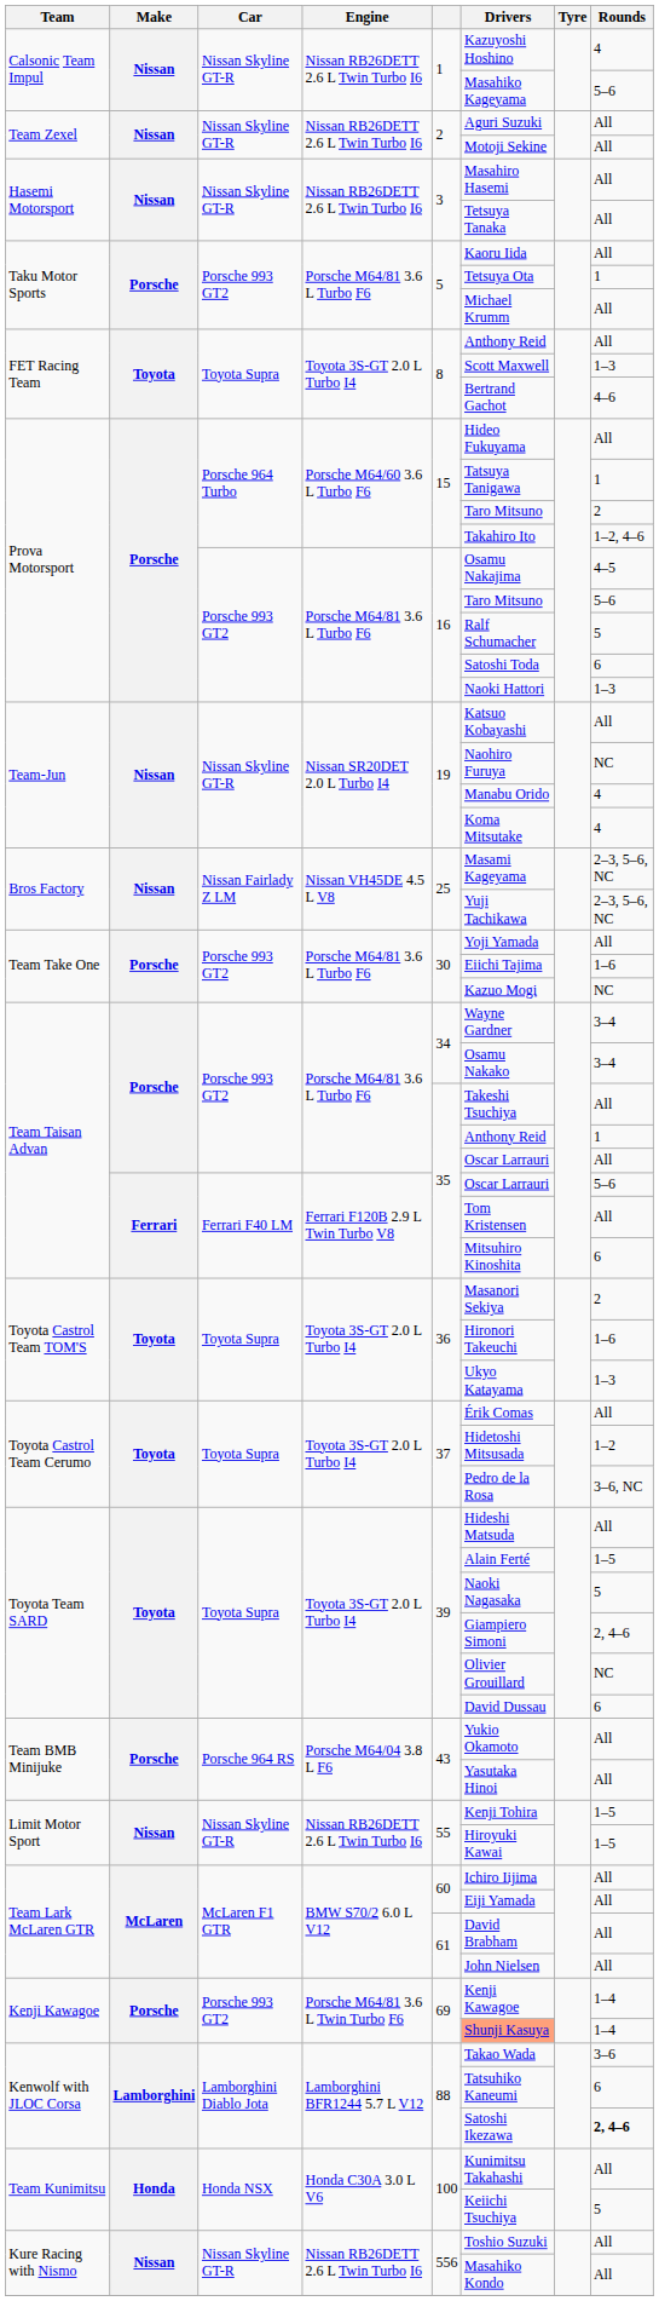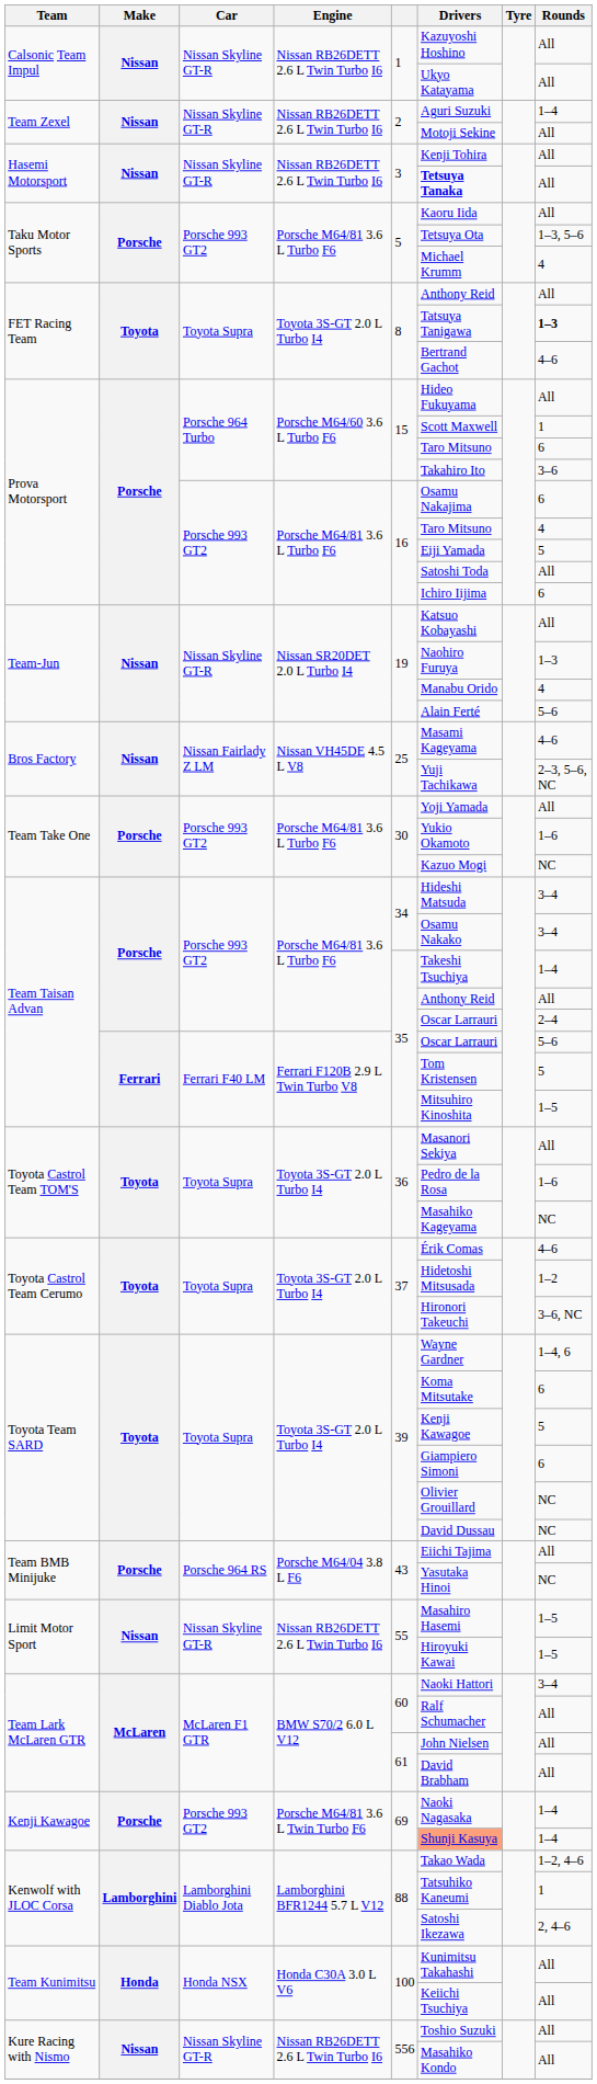 <table class="wikitable" style="font-size: 85%;">
 <tr>
 <th>Team</th>
 <th>Make</th>
 <th>Car</th>
 <th>Engine</th>
 <th></th>
 <th>Drivers</th>
 <th>Tyre</th>
 <th>Rounds</th>
 </tr>
 <tr>
 <td rowspan=2><a href='#'>Calsonic</a> <a href='#'>Team Impul</a></td>
 <th rowspan=2><a href='#'>Nissan</a></th>
 <td rowspan=2><a href='#'>Nissan Skyline GT-R</a></td>
 <td rowspan=2><a href='#'>Nissan RB26DETT</a> 2.6 L <a href='#'>Twin Turbo</a> <a href='#'>I6</a></td>
 <td rowspan=2>1</td>
 <td> <a href='#'>Kazuyoshi Hoshino</a></td>
 <td rowspan=2 align="center"></td>
-<td>4</td>
+<td>All</td>
 </tr>
 <tr>
-<td> <a href='#'>Masahiko Kageyama</a></td>
-<td>5–6</td>
+<td> <a href='#'>Ukyo Katayama</a></td>
+<td>All</td>
 </tr>
 <tr>
 <td rowspan=2><a href='#'>Team Zexel</a></td>
 <th rowspan=2><a href='#'>Nissan</a></th>
 <td rowspan=2><a href='#'>Nissan Skyline GT-R</a></td>
 <td rowspan=2><a href='#'>Nissan RB26DETT</a> 2.6 L <a href='#'>Twin Turbo</a> <a href='#'>I6</a></td>
 <td rowspan=2>2</td>
 <td> <a href='#'>Aguri Suzuki</a></td>
 <td rowspan=2 align="center"></td>
-<td>All</td>
+<td>1–4</td>
 </tr>
 <tr>
 <td> <a href='#'>Motoji Sekine</a></td>
 <td>All</td>
 </tr>
 <tr>
 <td rowspan=2><a href='#'>Hasemi Motorsport</a></td>
 <th rowspan=2><a href='#'>Nissan</a></th>
 <td rowspan=2><a href='#'>Nissan Skyline GT-R</a></td>
 <td rowspan=2><a href='#'>Nissan RB26DETT</a> 2.6 L <a href='#'>Twin Turbo</a> <a href='#'>I6</a></td>
 <td rowspan=2>3</td>
-<td> <a href='#'>Masahiro Hasemi</a></td>
+<td> <a href='#'>Kenji Tohira</a></td>
 <td rowspan=2 align="center"></td>
 <td>All</td>
 </tr>
 <tr>
-<td> <a href='#'>Tetsuya Tanaka</a></td>
+<td><strong> <a href='#'>Tetsuya Tanaka</a></strong></td>
 <td>All</td>
 </tr>
 <tr>
 <td rowspan=3>Taku Motor Sports</td>
 <th rowspan=3><a href='#'>Porsche</a></th>
 <td rowspan=3><a href='#'>Porsche 993 GT2</a></td>
 <td rowspan=3><a href='#'>Porsche M64/81</a> 3.6 L <a href='#'>Turbo</a> <a href='#'>F6</a></td>
 <td rowspan=3>5</td>
 <td> <a href='#'>Kaoru Iida</a></td>
 <td rowspan=3 align="center"></td>
 <td>All</td>
 </tr>
 <tr>
 <td> <a href='#'>Tetsuya Ota</a></td>
-<td>1</td>
+<td>1–3, 5–6</td>
 </tr>
 <tr>
 <td> <a href='#'>Michael Krumm</a></td>
-<td>All</td>
+<td>4</td>
 </tr>
 <tr>
 <td rowspan=3>FET Racing Team</td>
 <th rowspan=3><a href='#'>Toyota</a></th>
 <td rowspan=3><a href='#'>Toyota Supra</a></td>
 <td rowspan=3><a href='#'>Toyota 3S-GT</a> 2.0 L <a href='#'>Turbo</a> <a href='#'>I4</a></td>
 <td rowspan=3>8</td>
 <td> <a href='#'>Anthony Reid</a></td>
 <td rowspan=3 align="center"></td>
 <td>All</td>
 </tr>
 <tr>
-<td> <a href='#'>Scott Maxwell</a></td>
-<td>1–3</td>
+<td> <a href='#'>Tatsuya Tanigawa</a></td>
+<td><strong>1–3</strong></td>
 </tr>
 <tr>
 <td> <a href='#'>Bertrand Gachot</a></td>
 <td>4–6</td>
 </tr>
 <tr>
 <td rowspan=9>Prova Motorsport</td>
 <th rowspan=9><a href='#'>Porsche</a></th>
 <td rowspan=4><a href='#'>Porsche 964 Turbo</a></td>
 <td rowspan=4><a href='#'>Porsche M64/60</a> 3.6 L <a href='#'>Turbo</a> <a href='#'>F6</a></td>
 <td rowspan=4>15</td>
 <td> <a href='#'>Hideo Fukuyama</a></td>
 <td rowspan=9 align="center"></td>
 <td>All</td>
 </tr>
 <tr>
-<td> <a href='#'>Tatsuya Tanigawa</a></td>
+<td> <a href='#'>Scott Maxwell</a></td>
 <td>1</td>
 </tr>
 <tr>
 <td> <a href='#'>Taro Mitsuno</a></td>
-<td>2</td>
+<td>6</td>
 </tr>
 <tr>
 <td> <a href='#'>Takahiro Ito</a></td>
-<td>1–2, 4–6</td>
+<td>3–6</td>
 </tr>
 <tr>
 <td rowspan=5><a href='#'>Porsche 993 GT2</a></td>
 <td rowspan=5><a href='#'>Porsche M64/81</a> 3.6 L <a href='#'>Turbo</a> <a href='#'>F6</a></td>
 <td rowspan=5>16</td>
 <td> <a href='#'>Osamu Nakajima</a></td>
-<td>4–5</td>
+<td>6</td>
 </tr>
 <tr>
 <td> <a href='#'>Taro Mitsuno</a></td>
-<td>5–6</td>
+<td>4</td>
 </tr>
 <tr>
-<td> <a href='#'>Ralf Schumacher</a></td>
+<td> <a href='#'>Eiji Yamada</a></td>
 <td>5</td>
 </tr>
 <tr>
 <td> <a href='#'>Satoshi Toda</a></td>
-<td>6</td>
+<td>All</td>
 </tr>
 <tr>
-<td> <a href='#'>Naoki Hattori</a></td>
-<td>1–3</td>
+<td> <a href='#'>Ichiro Iijima</a></td>
+<td>6</td>
 </tr>
 <tr>
 <td rowspan=4><a href='#'>Team-Jun</a></td>
 <th rowspan=4><a href='#'>Nissan</a></th>
 <td rowspan=4><a href='#'>Nissan Skyline GT-R</a></td>
 <td rowspan=4><a href='#'>Nissan SR20DET</a> 2.0 L <a href='#'>Turbo</a> <a href='#'>I4</a></td>
 <td rowspan=4>19</td>
 <td> <a href='#'>Katsuo Kobayashi</a></td>
 <td rowspan=4 align="center"></td>
 <td>All</td>
 </tr>
 <tr>
 <td> <a href='#'>Naohiro Furuya</a></td>
-<td>NC</td>
+<td>1–3</td>
 </tr>
 <tr>
 <td> <a href='#'>Manabu Orido</a></td>
 <td>4</td>
 </tr>
 <tr>
-<td> <a href='#'>Koma Mitsutake</a></td>
-<td>4</td>
+<td> <a href='#'>Alain Ferté</a></td>
+<td>5–6</td>
 </tr>
 <tr>
 <td rowspan=2><a href='#'>Bros Factory</a></td>
 <th rowspan=2><a href='#'>Nissan</a></th>
 <td rowspan=2><a href='#'>Nissan Fairlady Z LM</a></td>
 <td rowspan=2><a href='#'>Nissan VH45DE</a> 4.5 L <a href='#'>V8</a></td>
 <td rowspan=2>25</td>
 <td> <a href='#'>Masami Kageyama</a></td>
 <td rowspan=2 align="center"></td>
-<td>2–3, 5–6, NC</td>
+<td>4–6</td>
 </tr>
 <tr>
 <td> <a href='#'>Yuji Tachikawa</a></td>
 <td>2–3, 5–6, NC</td>
 </tr>
 <tr>
 <td rowspan=3>Team Take One</td>
 <th rowspan=3><a href='#'>Porsche</a></th>
 <td rowspan=3><a href='#'>Porsche 993 GT2</a></td>
 <td rowspan=3><a href='#'>Porsche M64/81</a> 3.6 L <a href='#'>Turbo</a> <a href='#'>F6</a></td>
 <td rowspan=3>30</td>
 <td> <a href='#'>Yoji Yamada</a></td>
 <td rowspan=3 align="center"></td>
 <td>All</td>
 </tr>
 <tr>
-<td> <a href='#'>Eiichi Tajima</a></td>
+<td> <a href='#'>Yukio Okamoto</a></td>
 <td>1–6</td>
 </tr>
 <tr>
 <td> <a href='#'>Kazuo Mogi</a></td>
 <td>NC</td>
 </tr>
 <tr>
 <td rowspan=8><a href='#'>Team Taisan Advan</a></td>
 <th rowspan=5><a href='#'>Porsche</a></th>
 <td rowspan=5><a href='#'>Porsche 993 GT2</a></td>
 <td rowspan=5><a href='#'>Porsche M64/81</a> 3.6 L <a href='#'>Turbo</a> <a href='#'>F6</a></td>
 <td rowspan=2>34</td>
-<td> <a href='#'>Wayne Gardner</a></td>
+<td> <a href='#'>Hideshi Matsuda</a></td>
 <td rowspan=8 align="center"></td>
 <td>3–4</td>
 </tr>
 <tr>
 <td> <a href='#'>Osamu Nakako</a></td>
 <td>3–4</td>
 </tr>
 <tr>
 <td rowspan=6>35</td>
 <td> <a href='#'>Takeshi Tsuchiya</a></td>
+<td>1–4</td>
+</tr>
+<tr>
+<td> <a href='#'>Anthony Reid</a></td>
 <td>All</td>
 </tr>
 <tr>
-<td> <a href='#'>Anthony Reid</a></td>
-<td>1</td>
-</tr>
-<tr>
 <td> <a href='#'>Oscar Larrauri</a></td>
-<td>All</td>
+<td>2–4</td>
 </tr>
 <tr>
 <th rowspan=3><a href='#'>Ferrari</a></th>
 <td rowspan=3><a href='#'>Ferrari F40 LM</a></td>
 <td rowspan=3><a href='#'>Ferrari F120B</a> 2.9 L <a href='#'>Twin Turbo</a> <a href='#'>V8</a></td>
 <td> <a href='#'>Oscar Larrauri</a></td>
 <td>5–6</td>
 </tr>
 <tr>
 <td> <a href='#'>Tom Kristensen</a></td>
-<td>All</td>
+<td>5</td>
 </tr>
 <tr>
 <td> <a href='#'>Mitsuhiro Kinoshita</a></td>
-<td>6</td>
+<td>1–5</td>
 </tr>
 <tr>
 <td rowspan=3>Toyota <a href='#'>Castrol</a> Team <a href='#'>TOM'S</a></td>
 <th rowspan=3><a href='#'>Toyota</a></th>
 <td rowspan=3><a href='#'>Toyota Supra</a></td>
 <td rowspan=3><a href='#'>Toyota 3S-GT</a> 2.0 L <a href='#'>Turbo</a> <a href='#'>I4</a></td>
 <td rowspan=3>36</td>
 <td> <a href='#'>Masanori Sekiya</a></td>
 <td rowspan=3 align="center"></td>
-<td>2</td>
+<td>All</td>
 </tr>
 <tr>
-<td> <a href='#'>Hironori Takeuchi</a></td>
+<td> <a href='#'>Pedro de la Rosa</a></td>
 <td>1–6</td>
 </tr>
 <tr>
-<td> <a href='#'>Ukyo Katayama</a></td>
-<td>1–3</td>
+<td> <a href='#'>Masahiko Kageyama</a></td>
+<td>NC</td>
 </tr>
 <tr>
 <td rowspan=3>Toyota <a href='#'>Castrol</a> Team Cerumo</td>
 <th rowspan=3><a href='#'>Toyota</a></th>
 <td rowspan=3><a href='#'>Toyota Supra</a></td>
 <td rowspan=3><a href='#'>Toyota 3S-GT</a> 2.0 L <a href='#'>Turbo</a> <a href='#'>I4</a></td>
 <td rowspan=3>37</td>
 <td> <a href='#'>Érik Comas</a></td>
 <td rowspan=3 align="center"></td>
-<td>All</td>
+<td>4–6</td>
 </tr>
 <tr>
 <td> <a href='#'>Hidetoshi Mitsusada</a></td>
 <td>1–2</td>
 </tr>
 <tr>
-<td> <a href='#'>Pedro de la Rosa</a></td>
+<td> <a href='#'>Hironori Takeuchi</a></td>
 <td>3–6, NC</td>
 </tr>
 <tr>
 <td rowspan=6>Toyota Team <a href='#'>SARD</a></td>
 <th rowspan=6><a href='#'>Toyota</a></th>
 <td rowspan=6><a href='#'>Toyota Supra</a></td>
 <td rowspan=6><a href='#'>Toyota 3S-GT</a> 2.0 L <a href='#'>Turbo</a> <a href='#'>I4</a></td>
 <td rowspan=6>39</td>
-<td> <a href='#'>Hideshi Matsuda</a></td>
+<td> <a href='#'>Wayne Gardner</a></td>
 <td rowspan=6 align="center"></td>
-<td>All</td>
+<td>1–4, 6</td>
 </tr>
 <tr>
-<td> <a href='#'>Alain Ferté</a></td>
-<td>1–5</td>
+<td> <a href='#'>Koma Mitsutake</a></td>
+<td>6</td>
 </tr>
 <tr>
-<td> <a href='#'>Naoki Nagasaka</a></td>
+<td> <a href='#'>Kenji Kawagoe</a></td>
 <td>5</td>
 </tr>
 <tr>
 <td> <a href='#'>Giampiero Simoni</a></td>
-<td>2, 4–6</td>
+<td>6</td>
 </tr>
 <tr>
 <td> <a href='#'>Olivier Grouillard</a></td>
 <td>NC</td>
 </tr>
 <tr>
 <td> <a href='#'>David Dussau</a></td>
-<td>6</td>
+<td>NC</td>
 </tr>
 <tr>
 <td rowspan=2>Team BMB Minijuke</td>
 <th rowspan=2><a href='#'>Porsche</a></th>
 <td rowspan=2><a href='#'>Porsche 964 RS</a></td>
 <td rowspan=2><a href='#'>Porsche M64/04</a> 3.8 L <a href='#'>F6</a></td>
 <td rowspan=2>43</td>
-<td> <a href='#'>Yukio Okamoto</a></td>
+<td> <a href='#'>Eiichi Tajima</a></td>
 <td rowspan=2 align="center"></td>
 <td>All</td>
 </tr>
 <tr>
 <td> <a href='#'>Yasutaka Hinoi</a></td>
-<td>All</td>
+<td>NC</td>
 </tr>
 <tr>
 <td rowspan=2>Limit Motor Sport</td>
 <th rowspan=2><a href='#'>Nissan</a></th>
 <td rowspan=2><a href='#'>Nissan Skyline GT-R</a></td>
 <td rowspan=2><a href='#'>Nissan RB26DETT</a> 2.6 L <a href='#'>Twin Turbo</a> <a href='#'>I6</a></td>
 <td rowspan=2>55</td>
-<td> <a href='#'>Kenji Tohira</a></td>
+<td> <a href='#'>Masahiro Hasemi</a></td>
 <td rowspan=2 align="center"></td>
 <td>1–5</td>
 </tr>
 <tr>
 <td> <a href='#'>Hiroyuki Kawai</a></td>
 <td>1–5</td>
 </tr>
 <tr>
 <td rowspan=4><a href='#'>Team Lark McLaren GTR</a></td>
 <th rowspan=4><a href='#'>McLaren</a></th>
 <td rowspan=4><a href='#'>McLaren F1 GTR</a></td>
 <td rowspan=4><a href='#'>BMW S70/2</a> 6.0 L <a href='#'>V12</a></td>
 <td rowspan=2>60</td>
-<td> <a href='#'>Ichiro Iijima</a></td>
+<td> <a href='#'>Naoki Hattori</a></td>
 <td rowspan=4 align="center"></td>
-<td>All</td>
+<td>3–4</td>
 </tr>
 <tr>
-<td> <a href='#'>Eiji Yamada</a></td>
+<td> <a href='#'>Ralf Schumacher</a></td>
 <td>All</td>
 </tr>
 <tr>
 <td rowspan=2>61</td>
-<td> <a href='#'>David Brabham</a></td>
+<td> <a href='#'>John Nielsen</a></td>
 <td>All</td>
 </tr>
 <tr>
-<td> <a href='#'>John Nielsen</a></td>
+<td> <a href='#'>David Brabham</a></td>
 <td>All</td>
 </tr>
 <tr>
 <td rowspan=2><a href='#'>Kenji Kawagoe</a></td>
 <th rowspan=2><a href='#'>Porsche</a></th>
 <td rowspan=2><a href='#'>Porsche 993 GT2</a></td>
 <td rowspan=2><a href='#'>Porsche M64/81</a> 3.6 L <a href='#'>Twin Turbo</a> <a href='#'>F6</a></td>
 <td rowspan=2>69</td>
-<td> <a href='#'>Kenji Kawagoe</a></td>
+<td> <a href='#'>Naoki Nagasaka</a></td>
 <td rowspan=2 align="center"></td>
 <td>1–4</td>
 </tr>
 <tr>
 <td style="background: lightsalmon;"> <a href='#'>Shunji Kasuya</a></td>
 <td>1–4</td>
 </tr>
 <tr>
 <td rowspan=3>Kenwolf with <a href='#'>JLOC Corsa</a></td>
 <th rowspan=3><a href='#'>Lamborghini</a></th>
 <td rowspan=3><a href='#'>Lamborghini Diablo Jota</a></td>
 <td rowspan=3><a href='#'>Lamborghini BFR1244</a> 5.7 L <a href='#'>V12</a></td>
 <td rowspan=3>88</td>
 <td> <a href='#'>Takao Wada</a></td>
 <td rowspan=3 align="center"></td>
-<td>3–6</td>
+<td>1–2, 4–6</td>
 </tr>
 <tr>
 <td> <a href='#'>Tatsuhiko Kaneumi</a></td>
-<td>6</td>
+<td>1</td>
 </tr>
 <tr>
 <td> <a href='#'>Satoshi Ikezawa</a></td>
-<td><strong>2, 4–6</strong></td>
+<td>2, 4–6</td>
 </tr>
 <tr>
 <td rowspan=2><a href='#'>Team Kunimitsu</a></td>
 <th rowspan=2><a href='#'>Honda</a></th>
 <td rowspan=2><a href='#'>Honda NSX</a></td>
 <td rowspan=2><a href='#'>Honda C30A</a> 3.0 L <a href='#'>V6</a></td>
 <td rowspan=2>100</td>
 <td> <a href='#'>Kunimitsu Takahashi</a></td>
 <td rowspan=2 align="center"></td>
 <td>All</td>
 </tr>
 <tr>
 <td> <a href='#'>Keiichi Tsuchiya</a></td>
-<td>5</td>
+<td>All</td>
 </tr>
 <tr>
 <td rowspan=2>Kure Racing with <a href='#'>Nismo</a></td>
 <th rowspan=2><a href='#'>Nissan</a></th>
 <td rowspan=2><a href='#'>Nissan Skyline GT-R</a></td>
 <td rowspan=2><a href='#'>Nissan RB26DETT</a> 2.6 L <a href='#'>Twin Turbo</a> <a href='#'>I6</a></td>
 <td rowspan=2>556</td>
 <td> <a href='#'>Toshio Suzuki</a></td>
 <td rowspan=2 align="center"></td>
 <td>All</td>
 </tr>
 <tr>
 <td> <a href='#'>Masahiko Kondo</a></td>
 <td>All</td>
 </tr>
 <tr>
 </tr>
 </table>
